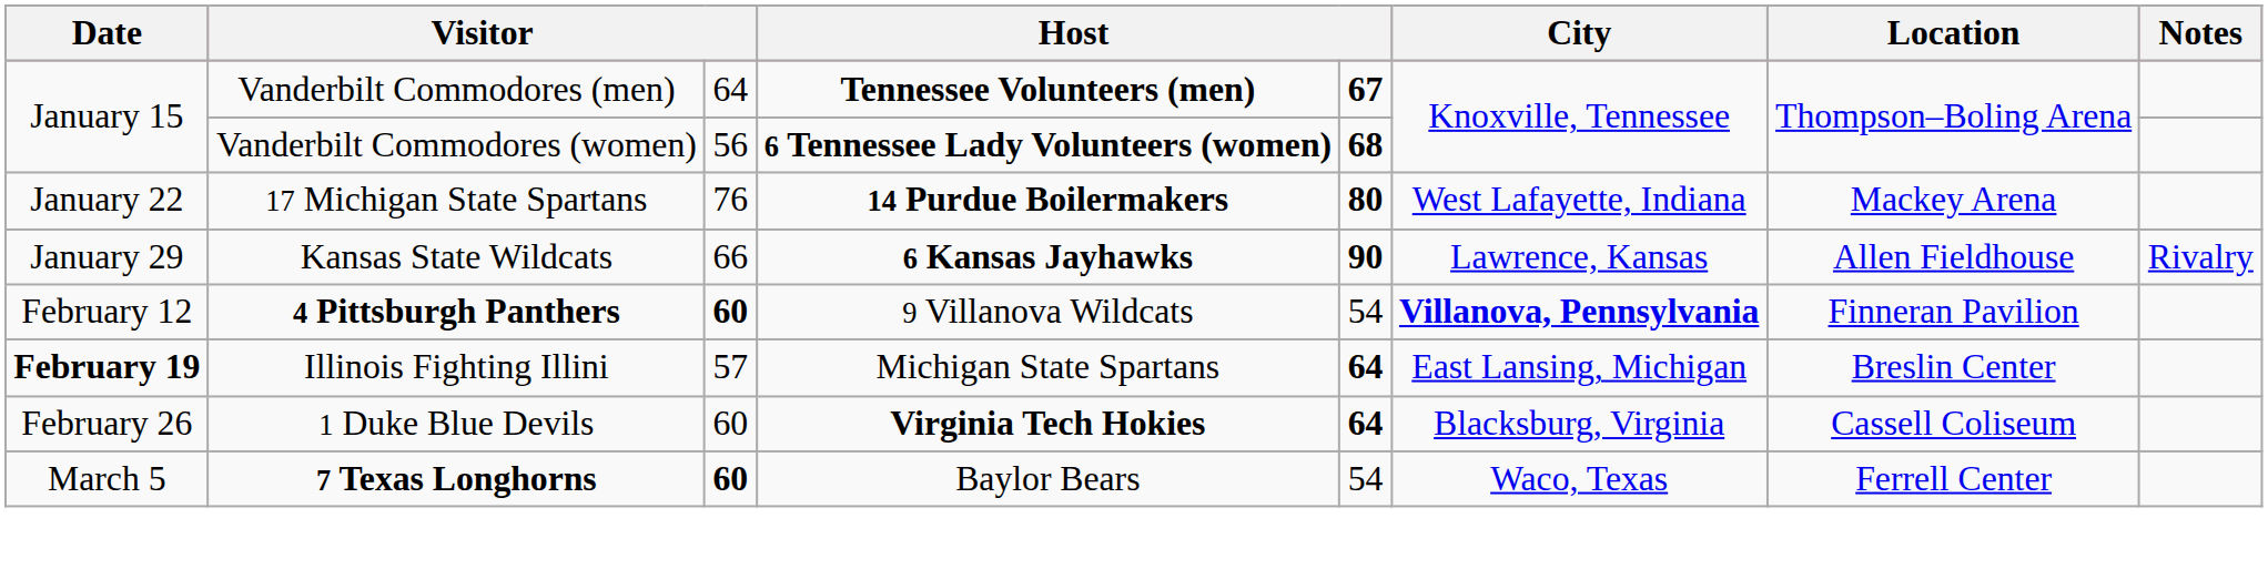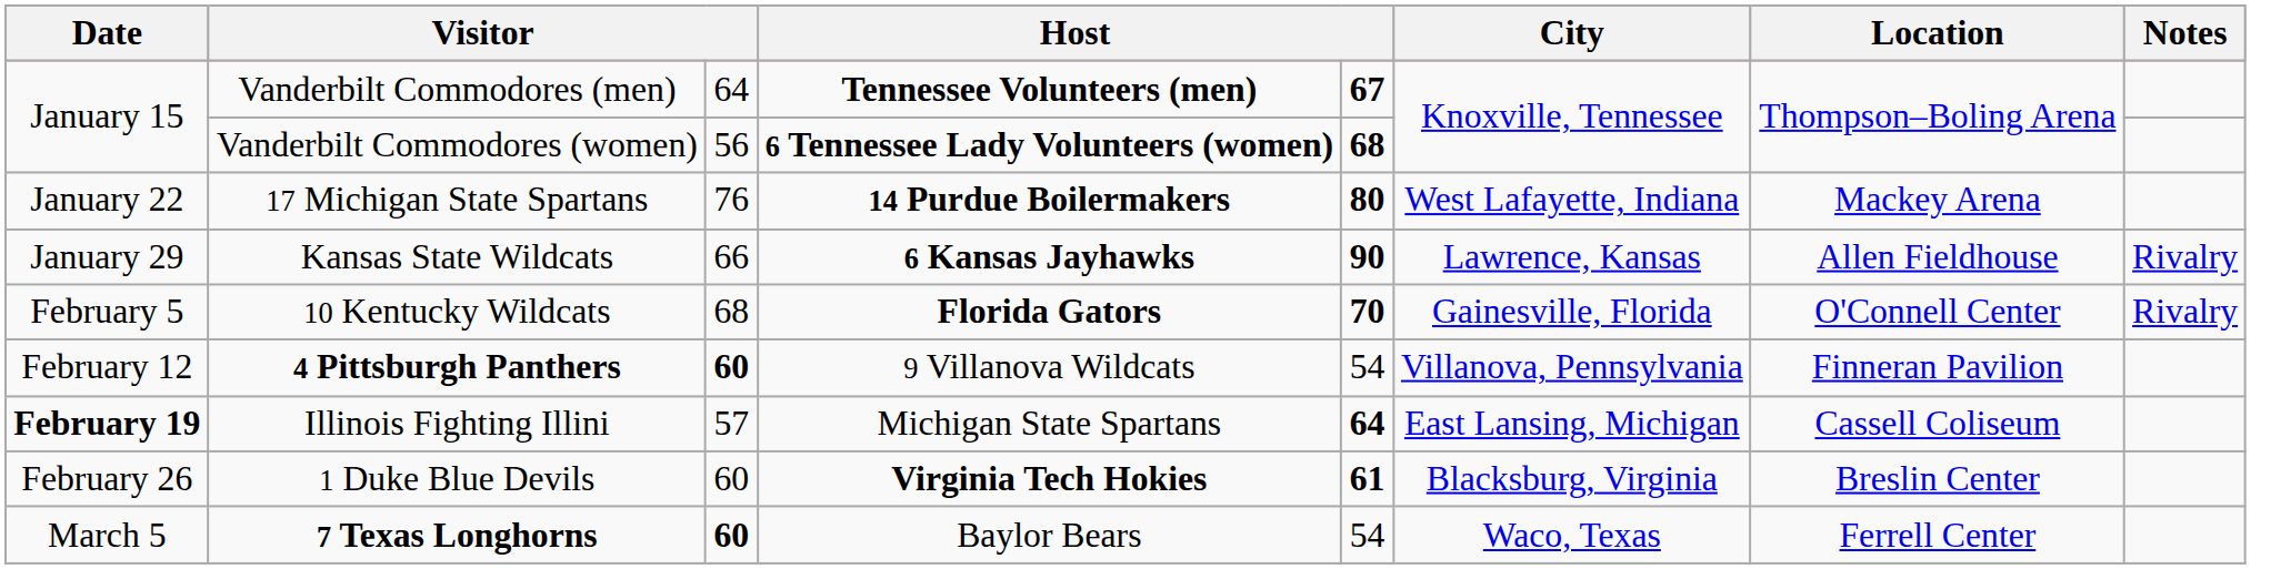 <table class="wikitable" style="text-align:center">
 <tr style="background:#A32638;"|>
 <th>Date</th>
 <th colspan=2>Visitor</th>
 <th colspan=2>Host</th>
 <th>City</th>
 <th>Location</th>
 <th>Notes</th>
 </tr>
 <tr>
 <td rowspan="2">January 15</td>
 <td>Vanderbilt Commodores (men)</td>
 <td>64</td>
 <td><strong>Tennessee Volunteers (men)</strong></td>
 <td><strong>67</strong></td>
 <td rowspan="2"><a href='#'>Knoxville, Tennessee</a></td>
 <td rowspan="2"><a href='#'>Thompson–Boling Arena</a></td>
 <td></td>
 </tr>
 <tr>
 <td>Vanderbilt Commodores (women)</td>
 <td>56</td>
 <td><strong><small>6</small> Tennessee Lady Volunteers (women)</strong></td>
 <td><strong>68</strong></td>
 <td></td>
 </tr>
 <tr>
 <td>January 22</td>
 <td><small>17</small> Michigan State Spartans</td>
 <td>76</td>
 <td><strong><small>14</small> Purdue Boilermakers</strong></td>
 <td><strong>80</strong></td>
 <td><a href='#'>West Lafayette, Indiana</a></td>
 <td><a href='#'>Mackey Arena</a></td>
 <td></td>
 </tr>
 <tr>
 <td>January 29</td>
 <td>Kansas State Wildcats</td>
 <td>66</td>
 <td><strong><small>6</small> Kansas Jayhawks</strong></td>
 <td><strong>90</strong></td>
 <td><a href='#'>Lawrence, Kansas</a></td>
 <td><a href='#'>Allen Fieldhouse</a></td>
 <td><a href='#'>Rivalry</a></td>
 </tr>
 <tr>
+<td>February 5</td>
+<td><small>10</small> Kentucky Wildcats</td>
+<td>68</td>
+<td><strong>Florida Gators</strong></td>
+<td><strong>70</strong></td>
+<td><a href='#'>Gainesville, Florida</a></td>
+<td><a href='#'>O'Connell Center</a></td>
+<td><a href='#'>Rivalry</a></td>
+</tr>
+<tr>
 <td>February 12</td>
 <td><strong><small>4</small> Pittsburgh Panthers</strong></td>
 <td><strong>60</strong></td>
 <td><small>9</small> Villanova Wildcats</td>
 <td>54</td>
-<td><strong><a href='#'>Villanova, Pennsylvania</a></strong></td>
+<td><a href='#'>Villanova, Pennsylvania</a></td>
 <td><a href='#'>Finneran Pavilion</a></td>
 <td></td>
 </tr>
 <tr>
 <td><strong>February 19</strong></td>
 <td>Illinois Fighting Illini</td>
 <td>57</td>
 <td>Michigan State Spartans</td>
 <td><strong>64</strong></td>
 <td><a href='#'>East Lansing, Michigan</a></td>
-<td><a href='#'>Breslin Center</a></td>
+<td><a href='#'>Cassell Coliseum</a></td>
 <td></td>
 </tr>
 <tr>
 <td>February 26</td>
 <td><small>1</small> Duke Blue Devils</td>
 <td>60</td>
 <td><strong>Virginia Tech Hokies</strong></td>
-<td><strong>64</strong></td>
+<td><strong>61</strong></td>
 <td><a href='#'>Blacksburg, Virginia</a></td>
-<td><a href='#'>Cassell Coliseum</a></td>
+<td><a href='#'>Breslin Center</a></td>
 <td></td>
 </tr>
 <tr>
 <td>March 5</td>
 <td><strong><small>7</small> Texas Longhorns</strong></td>
 <td><strong>60</strong></td>
 <td>Baylor Bears</td>
 <td>54</td>
 <td><a href='#'>Waco, Texas</a></td>
 <td><a href='#'>Ferrell Center</a></td>
 <td></td>
 </tr>
 </table>
